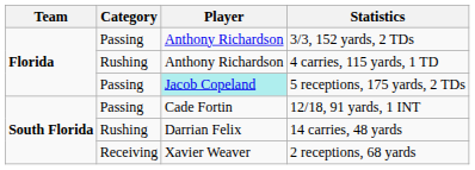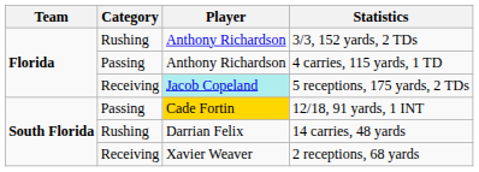 <table class="wikitable" style="float: left;">
 <tr>
 <th>Team</th>
 <th>Category</th>
 <th>Player</th>
 <th>Statistics</th>
 </tr>
 <tr>
 <td rowspan=3><strong>Florida</strong></td>
-<td>Passing</td>
+<td>Rushing</td>
 <td><a href='#'>Anthony Richardson</a></td>
 <td>3/3, 152 yards, 2 TDs</td>
 </tr>
 <tr>
-<td>Rushing</td>
+<td>Passing</td>
 <td>Anthony Richardson</td>
 <td>4 carries, 115 yards, 1 TD</td>
 </tr>
 <tr>
-<td>Passing</td>
+<td>Receiving</td>
 <td style="background: paleturquoise;"><a href='#'>Jacob Copeland</a></td>
 <td>5 receptions, 175 yards, 2 TDs</td>
 </tr>
 <tr>
 <td rowspan=3><strong>South Florida</strong></td>
 <td>Passing</td>
-<td>Cade Fortin</td>
+<td style="background: gold;">Cade Fortin</td>
 <td>12/18, 91 yards, 1 INT</td>
 </tr>
 <tr>
 <td>Rushing</td>
 <td>Darrian Felix</td>
 <td>14 carries, 48 yards</td>
 </tr>
 <tr>
 <td>Receiving</td>
 <td>Xavier Weaver</td>
 <td>2 receptions, 68 yards</td>
 </tr>
 </table>
